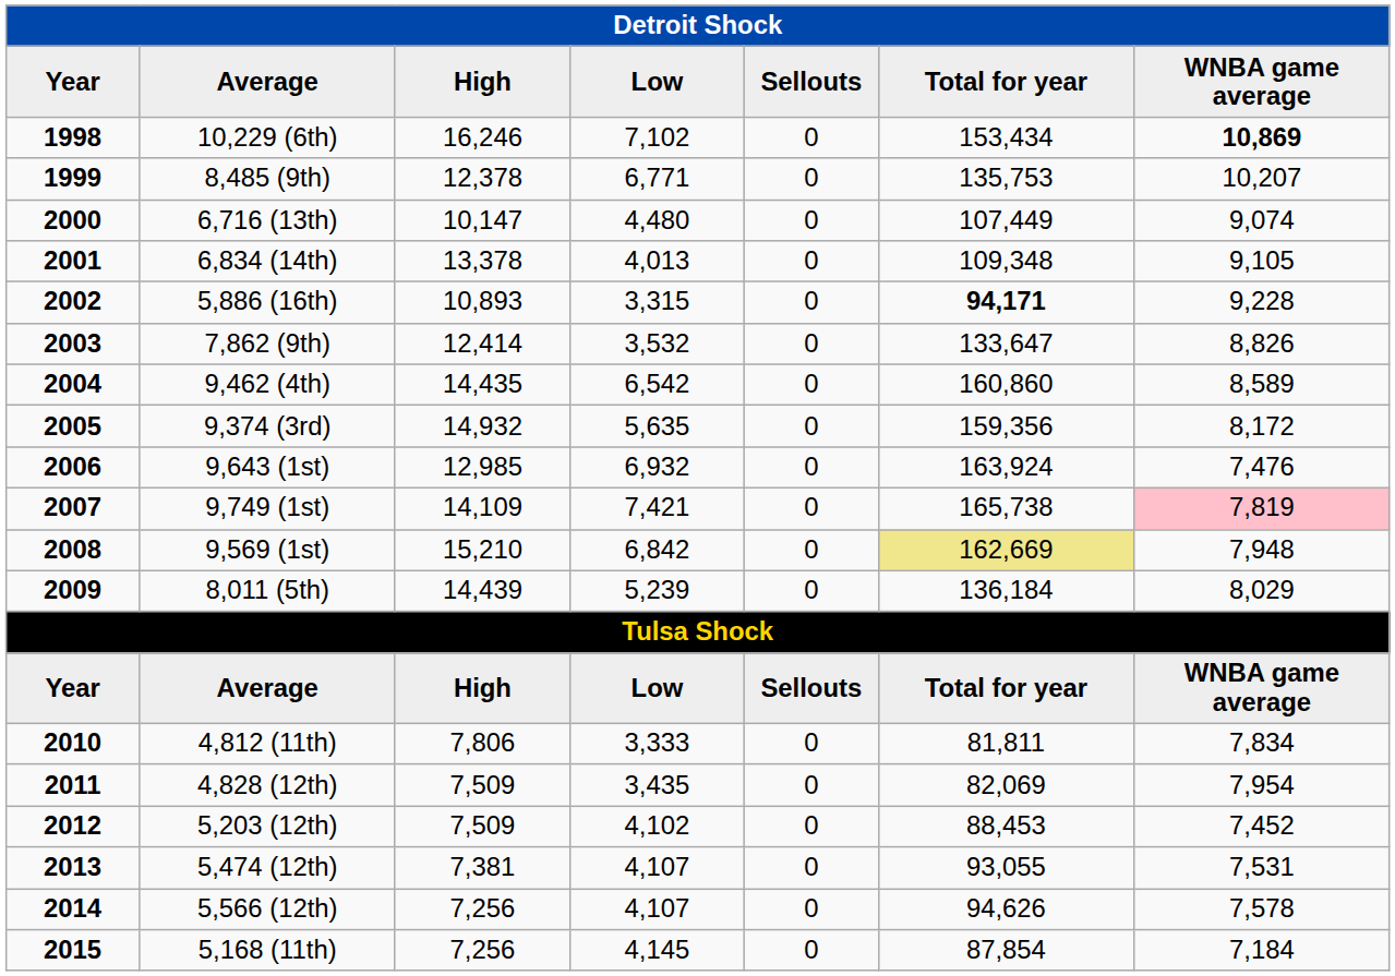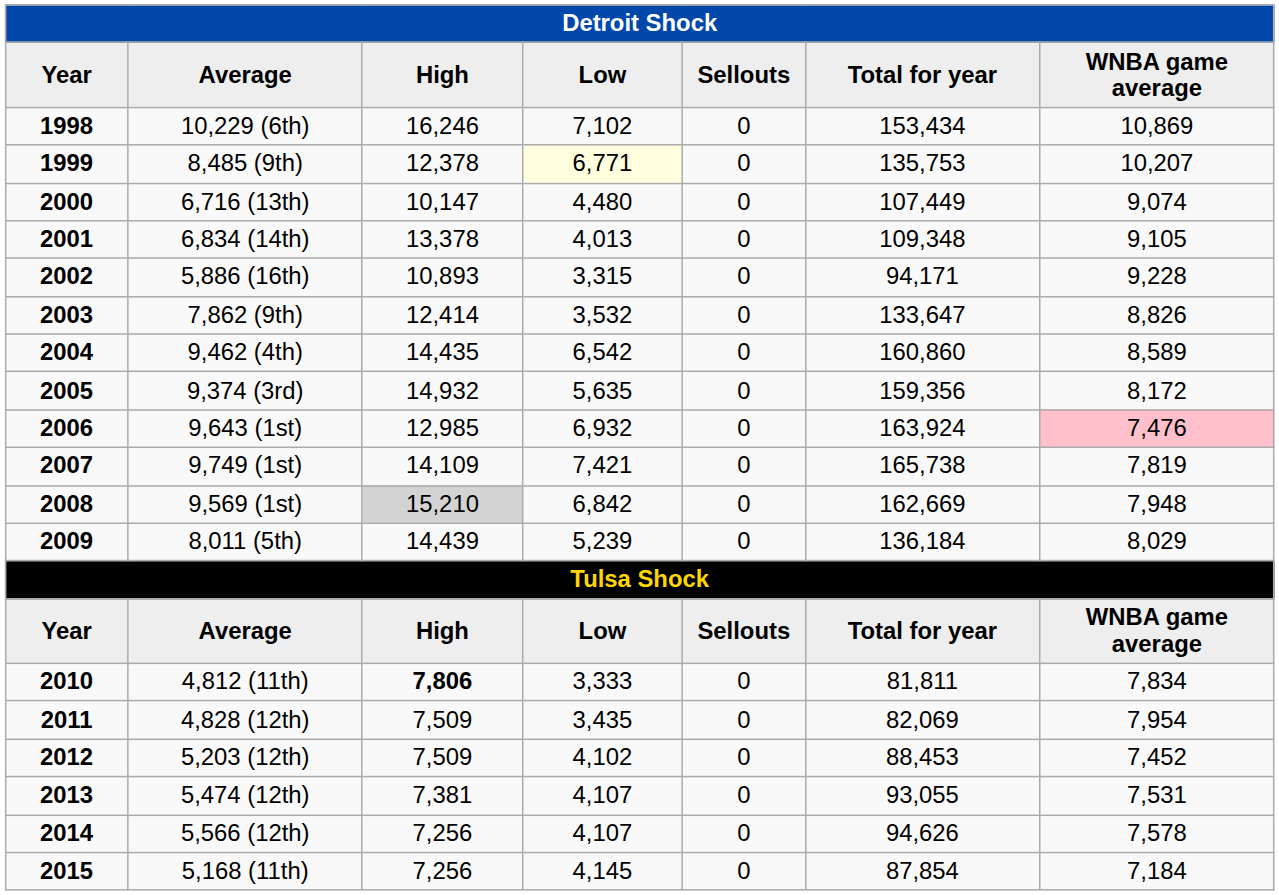 <table class="wikitable" style="margin:0.2em auto;">
 <tr style="text-align:center; background:#0047ab; color:white;">
 <td colspan=8><strong>Detroit Shock</strong></td>
 </tr>
 <tr style="text-align:center; background:#eee; color:black;">
 <td width=75><strong>Year</strong></td>
 <td width=150><strong>Average</strong></td>
 <td width=100><strong>High</strong></td>
 <td width=100><strong>Low</strong></td>
 <td width=75><strong>Sellouts</strong></td>
 <td width=150><strong>Total for year</strong></td>
 <td width=150><strong>WNBA game average</strong></td>
 </tr>
 <tr style="text-align:center;">
 <td><strong>1998</strong></td>
 <td>10,229 (6th)</td>
 <td>16,246</td>
 <td>7,102</td>
 <td>0</td>
 <td>153,434</td>
-<td><strong>10,869</strong></td>
+<td>10,869</td>
 </tr>
 <tr style="text-align:center;">
 <td><strong>1999</strong></td>
 <td>8,485 (9th)</td>
 <td>12,378</td>
-<td>6,771</td>
+<td style="background: lightyellow;">6,771</td>
 <td>0</td>
 <td>135,753</td>
 <td>10,207</td>
 </tr>
 <tr style="text-align:center;">
 <td><strong>2000</strong></td>
 <td>6,716 (13th)</td>
 <td>10,147</td>
 <td>4,480</td>
 <td>0</td>
 <td>107,449</td>
 <td>9,074</td>
 </tr>
 <tr style="text-align:center;">
 <td><strong>2001</strong></td>
 <td>6,834 (14th)</td>
 <td>13,378</td>
 <td>4,013</td>
 <td>0</td>
 <td>109,348</td>
 <td>9,105</td>
 </tr>
 <tr style="text-align:center;">
 <td><strong>2002</strong></td>
 <td>5,886 (16th)</td>
 <td>10,893</td>
 <td>3,315</td>
 <td>0</td>
-<td><strong>94,171</strong></td>
+<td>94,171</td>
 <td>9,228</td>
 </tr>
 <tr style="text-align:center;">
 <td><strong>2003</strong></td>
 <td>7,862 (9th)</td>
 <td>12,414</td>
 <td>3,532</td>
 <td>0</td>
 <td>133,647</td>
 <td>8,826</td>
 </tr>
 <tr style="text-align:center;">
 <td><strong>2004</strong></td>
 <td>9,462 (4th)</td>
 <td>14,435</td>
 <td>6,542</td>
 <td>0</td>
 <td>160,860</td>
 <td>8,589</td>
 </tr>
 <tr style="text-align:center;">
 <td><strong>2005</strong></td>
 <td>9,374 (3rd)</td>
 <td>14,932</td>
 <td>5,635</td>
 <td>0</td>
 <td>159,356</td>
 <td>8,172</td>
 </tr>
 <tr style="text-align:center;">
 <td><strong>2006</strong></td>
 <td>9,643 (1st)</td>
 <td>12,985</td>
 <td>6,932</td>
 <td>0</td>
 <td>163,924</td>
-<td>7,476</td>
+<td style="background: pink;">7,476</td>
 </tr>
 <tr style="text-align:center;">
 <td><strong>2007</strong></td>
 <td>9,749 (1st)</td>
 <td>14,109</td>
 <td>7,421</td>
 <td>0</td>
 <td>165,738</td>
-<td style="background: pink;">7,819</td>
+<td>7,819</td>
 </tr>
 <tr style="text-align:center;">
 <td><strong>2008</strong></td>
 <td>9,569 (1st)</td>
-<td>15,210</td>
+<td style="background: lightgrey;">15,210</td>
 <td>6,842</td>
 <td>0</td>
-<td style="background: khaki;">162,669</td>
+<td>162,669</td>
 <td>7,948</td>
 </tr>
 <tr style="text-align:center;">
 <td><strong>2009</strong></td>
 <td>8,011 (5th)</td>
 <td>14,439</td>
 <td>5,239</td>
 <td>0</td>
 <td>136,184</td>
 <td>8,029</td>
 </tr>
 <tr style="text-align:center; background:black; color:gold;">
 <td colspan=8><strong>Tulsa Shock</strong></td>
 </tr>
 <tr style="text-align:center; background:#eee; color:black;">
 <td width=75><strong>Year</strong></td>
 <td width=150><strong>Average</strong></td>
 <td width=100><strong>High</strong></td>
 <td width=100><strong>Low</strong></td>
 <td width=75><strong>Sellouts</strong></td>
 <td width=150><strong>Total for year</strong></td>
 <td width=150><strong>WNBA game average</strong></td>
 </tr>
 <tr style="text-align:center;">
 <td><strong>2010</strong></td>
 <td>4,812 (11th)</td>
-<td>7,806</td>
+<td><strong>7,806</strong></td>
 <td>3,333</td>
 <td>0</td>
 <td>81,811</td>
 <td>7,834</td>
 </tr>
 <tr style="text-align:center;">
 <td><strong>2011</strong></td>
 <td>4,828 (12th)</td>
 <td>7,509</td>
 <td>3,435</td>
 <td>0</td>
 <td>82,069</td>
 <td>7,954</td>
 </tr>
 <tr style="text-align:center;">
 <td><strong>2012</strong></td>
 <td>5,203 (12th)</td>
 <td>7,509</td>
 <td>4,102</td>
 <td>0</td>
 <td>88,453</td>
 <td>7,452</td>
 </tr>
 <tr style="text-align:center;">
 <td><strong>2013</strong></td>
 <td>5,474 (12th)</td>
 <td>7,381</td>
 <td>4,107</td>
 <td>0</td>
 <td>93,055</td>
 <td>7,531</td>
 </tr>
 <tr style="text-align:center;">
 <td><strong>2014</strong></td>
 <td>5,566 (12th)</td>
 <td>7,256</td>
 <td>4,107</td>
 <td>0</td>
 <td>94,626</td>
 <td>7,578</td>
 </tr>
 <tr style="text-align:center;">
 <td><strong>2015</strong></td>
 <td>5,168 (11th)</td>
 <td>7,256</td>
 <td>4,145</td>
 <td>0</td>
 <td>87,854</td>
 <td>7,184</td>
 </tr>
 </table>
